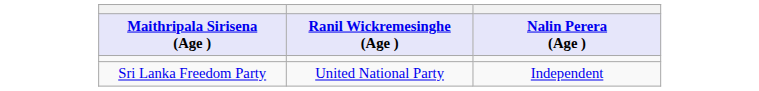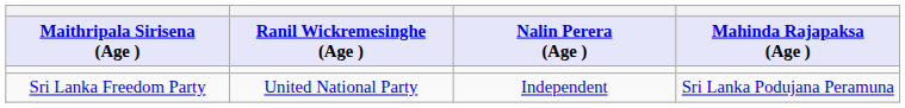 <table class=wikitable style="margin:1em auto; font-size:90%; text-align:center;">
 <tr>
+<th style="font-size:135%; width:175px; background:"><a href='#'></a></th>
 <th style="font-size:135%; width:175px; background:"><a href='#'></a></th>
 <th style="font-size:135%; width:175px; background:"><a href='#'></a></th>
 <th style="font-size:135%; width:175px; background:"><a href='#'></a></th>
 </tr>
 <tr>
 <th style="background:lavender;"><strong><a href='#'>Maithripala Sirisena</a></strong><br>(Age )</th>
 <th style="background:lavender;"><strong><a href='#'>Ranil Wickremesinghe</a></strong><br>(Age )</th>
 <th style="background:lavender;"><strong><a href='#'>Nalin Perera</a></strong><br>(Age )</th>
+<th style="background:lavender;"><strong><a href='#'>Mahinda Rajapaksa</a></strong><br>(Age )</th>
 </tr>
 <tr>
+<td></td>
 <td></td>
 <td></td>
 <td></td>
 </tr>
 <tr>
 <td><a href='#'>Sri Lanka Freedom Party</a><br></td>
 <td><a href='#'>United National Party</a><br></td>
 <td><a href='#'>Independent</a><br></td>
+<td><a href='#'>Sri Lanka Podujana Peramuna</a><br></td>
 </tr>
 </table>
